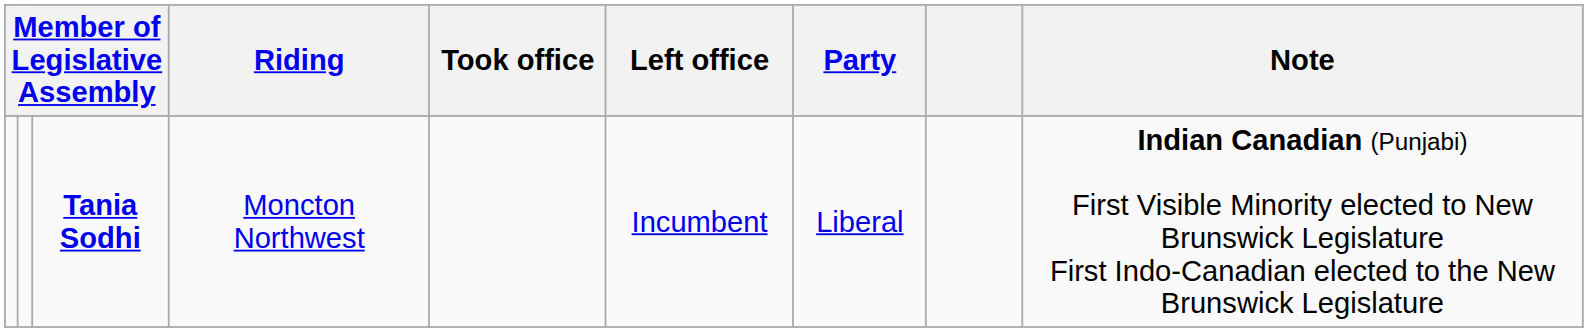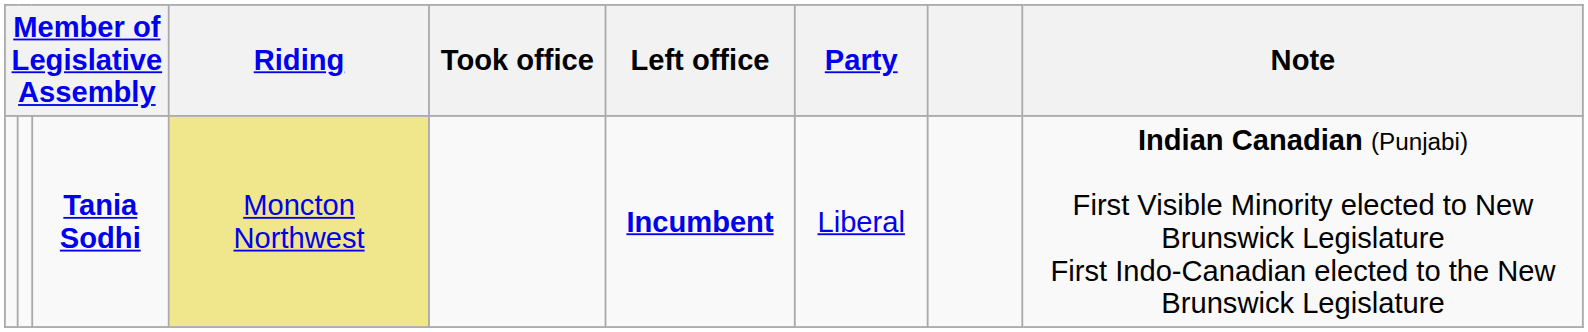 <table class="wikitable sortable plainrowheaders" style="text-align: center;">
 <tr>
 <th colspan="3" class=unsortable><a href='#'>Member of Legislative Assembly</a></th>
 <th scope="col" width=150px><a href='#'>Riding</a></th>
 <th scope="col" width=100px>Took office</th>
 <th scope="col" width=100px>Left office</th>
 <th scope="col" width=70px><a href='#'>Party</a></th>
 <th scope="col" class=unsortable width=55px></th>
 <th scope="col" class=unsortable width=350px>Note</th>
 </tr>
 <tr>
 <td rowspan="1" style="background:"></td>
 <td rowspan="1"></td>
 <td rowspan="1"><strong><a href='#'>Tania Sodhi</a></strong></td>
-<td rowspan="1"><a href='#'>Moncton Northwest</a></td>
+<td rowspan="1" style="background: khaki;"><a href='#'>Moncton Northwest</a></td>
 <td rowspan="1"></td>
-<td rowspan="1"><a href='#'>Incumbent</a></td>
+<td rowspan="1"><strong><a href='#'>Incumbent</a></strong></td>
 <td rowspan="1"><a href='#'>Liberal</a></td>
 <td rowspan="1"></td>
 <td rowspan="1"><strong>Indian Canadian</strong> <small>(Punjabi)</small><br><br>First Visible Minority elected to New Brunswick Legislature <br> First Indo-Canadian elected to the New Brunswick Legislature</td>
 </tr>
 </table>
